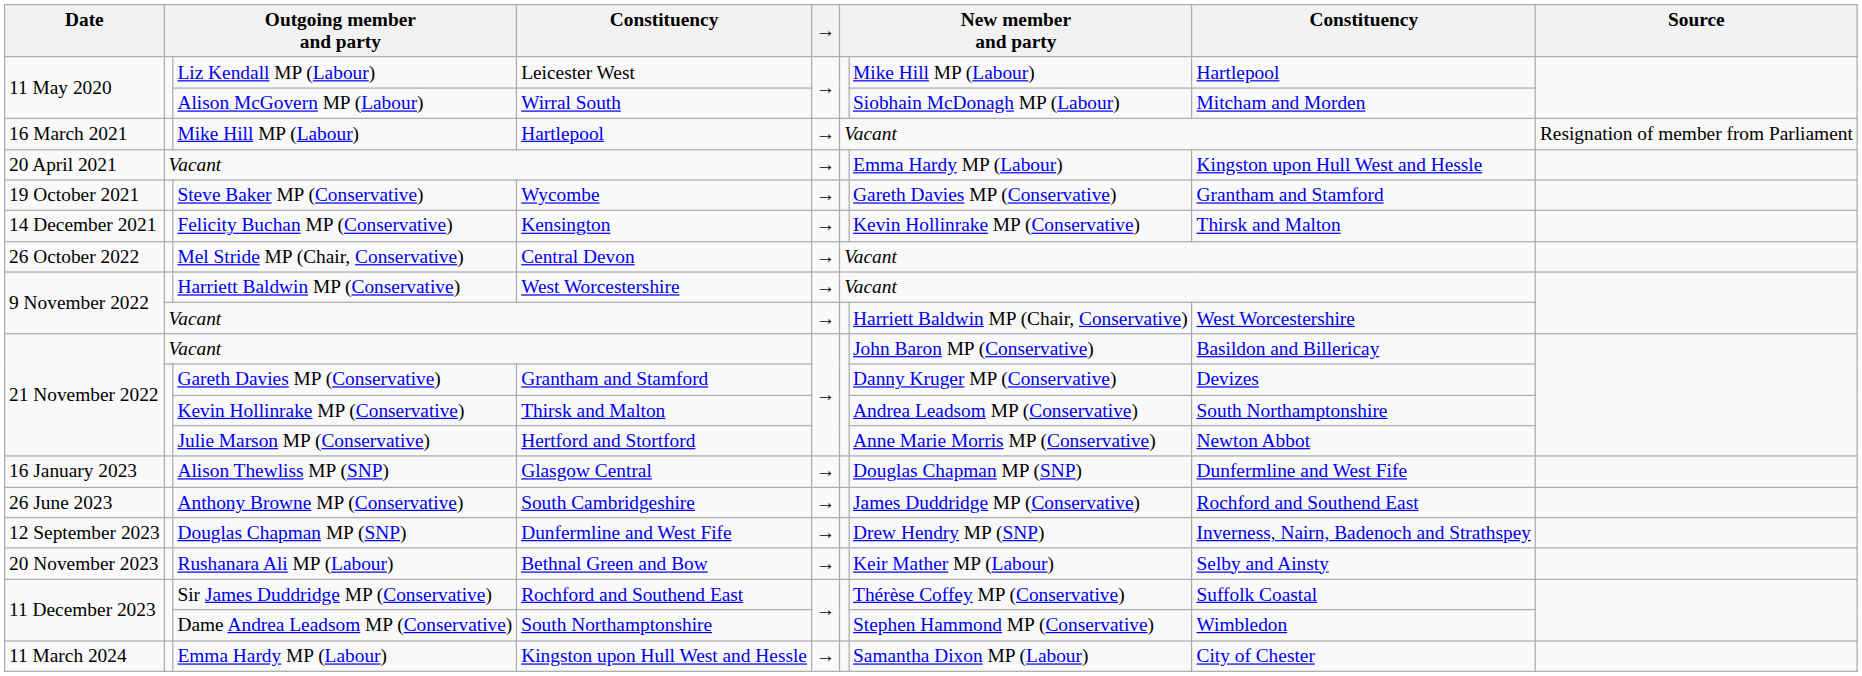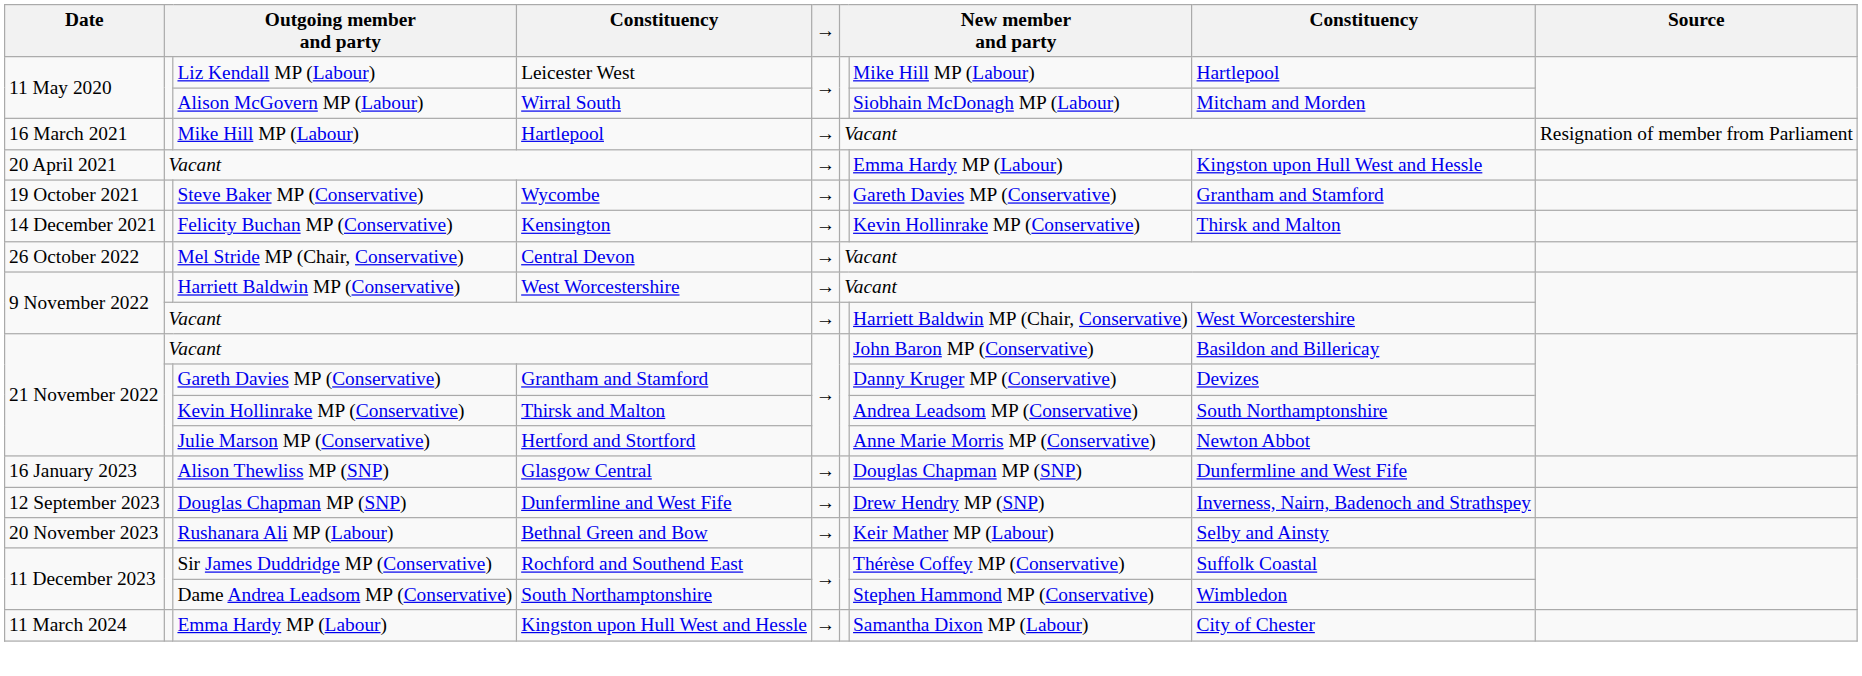 <table class="wikitable">
 <tr>
 <th valign="top">Date</th>
 <th colspan="2" valign="top">Outgoing member<br>and party</th>
 <th valign="top">Constituency</th>
 <th>→</th>
 <th colspan="2" valign="top">New member<br>and party</th>
 <th valign="top">Constituency</th>
 <th valign="top">Source</th>
 </tr>
 <tr>
 <td nowrap rowspan=2>11 May 2020</td>
 <td rowspan=2 style="color:inherit;background:"></td>
 <td><a href='#'>Liz Kendall</a> MP (<a href='#'>Labour</a>)</td>
 <td>Leicester West</td>
 <td rowspan=2>→</td>
 <td rowspan=2 style="color:inherit;background:"></td>
 <td><a href='#'>Mike Hill</a> MP (<a href='#'>Labour</a>)</td>
 <td><a href='#'>Hartlepool</a></td>
 <td rowspan=2></td>
 </tr>
 <tr>
 <td><a href='#'>Alison McGovern</a> MP (<a href='#'>Labour</a>)</td>
 <td><a href='#'>Wirral South</a></td>
 <td><a href='#'>Siobhain McDonagh</a> MP (<a href='#'>Labour</a>)</td>
 <td><a href='#'>Mitcham and Morden</a></td>
 </tr>
 <tr>
 <td>16 March 2021</td>
 <td style="color:inherit;background:"></td>
 <td><a href='#'>Mike Hill</a> MP (<a href='#'>Labour</a>)</td>
 <td><a href='#'>Hartlepool</a></td>
 <td>→</td>
 <td colspan=3><em>Vacant</em></td>
 <td>Resignation of member from Parliament</td>
 </tr>
 <tr>
 <td>20 April 2021</td>
 <td colspan=3><em>Vacant</em></td>
 <td>→</td>
 <td style="color:inherit;background:"></td>
 <td><a href='#'>Emma Hardy</a> MP (<a href='#'>Labour</a>)</td>
 <td><a href='#'>Kingston upon Hull West and Hessle</a></td>
 <td></td>
 </tr>
 <tr>
 <td nowrap>19 October 2021</td>
 <td style="color:inherit;background:"></td>
 <td><a href='#'>Steve Baker</a> MP (<a href='#'>Conservative</a>)</td>
 <td><a href='#'>Wycombe</a></td>
 <td>→</td>
 <td style="color:inherit;background:"></td>
 <td><a href='#'>Gareth Davies</a> MP (<a href='#'>Conservative</a>)</td>
 <td><a href='#'>Grantham and Stamford</a></td>
 <td></td>
 </tr>
 <tr>
 <td nowrap>14 December 2021</td>
 <td style="color:inherit;background:"></td>
 <td><a href='#'>Felicity Buchan</a> MP (<a href='#'>Conservative</a>)</td>
 <td><a href='#'>Kensington</a></td>
 <td>→</td>
 <td style="color:inherit;background:"></td>
 <td><a href='#'>Kevin Hollinrake</a> MP (<a href='#'>Conservative</a>)</td>
 <td><a href='#'>Thirsk and Malton</a></td>
 <td></td>
 </tr>
 <tr>
 <td nowrap>26 October 2022</td>
 <td style="color:inherit;background:"></td>
 <td><a href='#'>Mel Stride</a> MP (Chair, <a href='#'>Conservative</a>)</td>
 <td><a href='#'>Central Devon</a></td>
 <td>→</td>
 <td colspan=3><em>Vacant</em></td>
 <td></td>
 </tr>
 <tr>
 <td nowrap rowspan=2>9 November 2022</td>
 <td style="color:inherit;background:"></td>
 <td><a href='#'>Harriett Baldwin</a> MP (<a href='#'>Conservative</a>)</td>
 <td><a href='#'>West Worcestershire</a></td>
 <td>→</td>
 <td colspan=3><em>Vacant</em></td>
 <td rowspan=2></td>
 </tr>
 <tr>
 <td colspan=3><em>Vacant</em></td>
 <td>→</td>
 <td style="color:inherit;background:"></td>
 <td><a href='#'>Harriett Baldwin</a> MP (Chair, <a href='#'>Conservative</a>)</td>
 <td><a href='#'>West Worcestershire</a></td>
 </tr>
 <tr>
 <td rowspan=4>21 November 2022</td>
 <td colspan="3"><em>Vacant</em></td>
 <td rowspan=4>→</td>
 <td rowspan=4 style="color:inherit;background:"></td>
 <td><a href='#'>John Baron</a> MP (<a href='#'>Conservative</a>)</td>
 <td><a href='#'>Basildon and Billericay</a></td>
 <td rowspan=4></td>
 </tr>
 <tr>
 <td rowspan=3 style="color:inherit;background:"></td>
 <td><a href='#'>Gareth Davies</a> MP (<a href='#'>Conservative</a>)</td>
 <td><a href='#'>Grantham and Stamford</a></td>
 <td><a href='#'>Danny Kruger</a> MP (<a href='#'>Conservative</a>)</td>
 <td><a href='#'>Devizes</a></td>
 </tr>
 <tr>
 <td><a href='#'>Kevin Hollinrake</a> MP (<a href='#'>Conservative</a>)</td>
 <td><a href='#'>Thirsk and Malton</a></td>
 <td><a href='#'>Andrea Leadsom</a> MP (<a href='#'>Conservative</a>)</td>
 <td><a href='#'>South Northamptonshire</a></td>
 </tr>
 <tr>
 <td><a href='#'>Julie Marson</a> MP (<a href='#'>Conservative</a>)</td>
 <td><a href='#'>Hertford and Stortford</a></td>
 <td><a href='#'>Anne Marie Morris</a> MP (<a href='#'>Conservative</a>)</td>
 <td><a href='#'>Newton Abbot</a></td>
 </tr>
 <tr>
 <td nowrap>16 January 2023</td>
 <td style="color:inherit;background:"></td>
 <td><a href='#'>Alison Thewliss</a> MP (<a href='#'>SNP</a>)</td>
 <td><a href='#'>Glasgow Central</a></td>
 <td>→</td>
 <td style="color:inherit;background:"></td>
 <td><a href='#'>Douglas Chapman</a> MP (<a href='#'>SNP</a>)</td>
 <td><a href='#'>Dunfermline and West Fife</a></td>
 <td></td>
 </tr>
 <tr>
-<td nowrap>26 June 2023</td>
-<td style="color:inherit;background:"></td>
-<td><a href='#'>Anthony Browne</a> MP (<a href='#'>Conservative</a>)</td>
-<td><a href='#'>South Cambridgeshire</a></td>
-<td>→</td>
-<td style="color:inherit;background:"></td>
-<td><a href='#'>James Duddridge</a> MP (<a href='#'>Conservative</a>)</td>
-<td><a href='#'>Rochford and Southend East</a></td>
-<td></td>
-</tr>
-<tr>
 <td nowrap>12 September 2023</td>
 <td style="color:inherit;background:"></td>
 <td><a href='#'>Douglas Chapman</a> MP (<a href='#'>SNP</a>)</td>
 <td><a href='#'>Dunfermline and West Fife</a></td>
 <td>→</td>
 <td style="color:inherit;background:"></td>
 <td><a href='#'>Drew Hendry</a> MP (<a href='#'>SNP</a>)</td>
 <td><a href='#'>Inverness, Nairn, Badenoch and Strathspey</a></td>
 <td></td>
 </tr>
 <tr>
 <td nowrap>20 November 2023</td>
 <td style="color:inherit;background:"></td>
 <td><a href='#'>Rushanara Ali</a> MP (<a href='#'>Labour</a>)</td>
 <td><a href='#'>Bethnal Green and Bow</a></td>
 <td>→</td>
 <td style="color:inherit;background:"></td>
 <td><a href='#'>Keir Mather</a> MP (<a href='#'>Labour</a>)</td>
 <td><a href='#'>Selby and Ainsty</a></td>
 <td></td>
 </tr>
 <tr>
 <td nowrap rowspan=2>11 December 2023</td>
 <td rowspan=2 style="color:inherit;background:"></td>
 <td>Sir <a href='#'>James Duddridge</a> MP (<a href='#'>Conservative</a>)</td>
 <td><a href='#'>Rochford and Southend East</a></td>
 <td rowspan=2>→</td>
 <td rowspan=2 style="color:inherit;background:"></td>
 <td><a href='#'>Thérèse Coffey</a> MP (<a href='#'>Conservative</a>)</td>
 <td><a href='#'>Suffolk Coastal</a></td>
 <td rowspan=2></td>
 </tr>
 <tr>
 <td>Dame <a href='#'>Andrea Leadsom</a> MP (<a href='#'>Conservative</a>)</td>
 <td><a href='#'>South Northamptonshire</a></td>
 <td><a href='#'>Stephen Hammond</a> MP (<a href='#'>Conservative</a>)</td>
 <td><a href='#'>Wimbledon</a></td>
 </tr>
 <tr>
 <td>11 March 2024</td>
 <td style="color:inherit;background:"></td>
 <td><a href='#'>Emma Hardy</a> MP (<a href='#'>Labour</a>)</td>
 <td><a href='#'>Kingston upon Hull West and Hessle</a></td>
 <td>→</td>
 <td style="color:inherit;background:"></td>
 <td><a href='#'>Samantha Dixon</a> MP (<a href='#'>Labour</a>)</td>
 <td><a href='#'>City of Chester</a></td>
 <td></td>
 </tr>
 </table>
